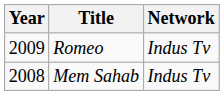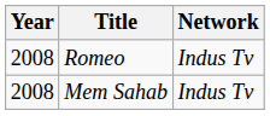 <table class="wikitable">
 <tr>
 <th>Year</th>
 <th>Title</th>
 <th>Network</th>
 </tr>
 <tr>
-<td>2009</td>
+<td>2008</td>
 <td><em>Romeo</em></td>
 <td><em>Indus Tv</em></td>
 </tr>
 <tr>
 <td>2008</td>
 <td><em>Mem Sahab</em></td>
 <td><em>Indus Tv</em></td>
 </tr>
 </table>
